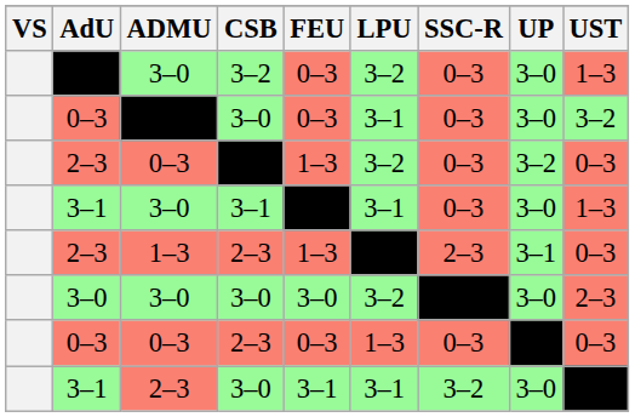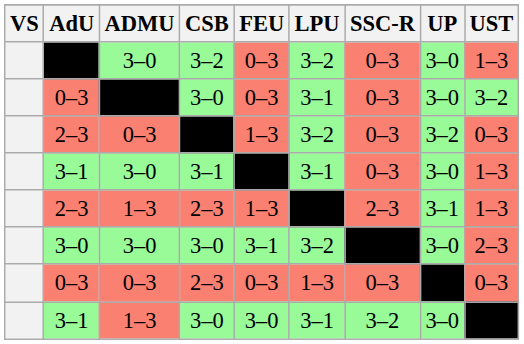 <table class="wikitable" style="text-align:center; font-size:95%;">
 <tr>
 </tr>
 <tr>
 <th>VS</th>
 <th>AdU</th>
 <th>ADMU</th>
 <th>CSB</th>
 <th>FEU</th>
 <th>LPU</th>
 <th>SSC-R</th>
 <th>UP</th>
 <th>UST</th>
 </tr>
 <tr>
 <th align=right></th>
 <td style="background:black;"></td>
 <td style="background:#98fb98;">3–0</td>
 <td style="background:#98fb98;">3–2</td>
 <td style="background:salmon;">0–3</td>
 <td style="background:#98fb98;">3–2</td>
 <td style="background:salmon;">0–3</td>
 <td style="background:#98fb98;">3–0</td>
 <td style="background:salmon;">1–3</td>
 </tr>
 <tr>
 <th align=right></th>
 <td style="background:salmon;">0–3</td>
 <td style="background:black;"></td>
 <td style="background:#98fb98;">3–0</td>
 <td style="background:salmon;">0–3</td>
 <td style="background:#98fb98;">3–1</td>
 <td style="background:salmon;">0–3</td>
 <td style="background:#98fb98;">3–0</td>
 <td style="background:#98fb98;">3–2</td>
 </tr>
 <tr>
 <th align=right></th>
 <td style="background:salmon;">2–3</td>
 <td style="background:salmon;">0–3</td>
 <td style="background:black;"></td>
 <td style="background:salmon;">1–3</td>
 <td style="background:#98fb98;">3–2</td>
 <td style="background:salmon;">0–3</td>
 <td style="background:#98fb98;">3–2</td>
 <td style="background:salmon;">0–3</td>
 </tr>
 <tr>
 <th align=right></th>
 <td style="background:#98fb98;">3–1</td>
 <td style="background:#98fb98;">3–0</td>
 <td style="background:#98fb98;">3–1</td>
 <td style="background:black;"></td>
 <td style="background:#98fb98;">3–1</td>
 <td style="background:salmon;">0–3</td>
 <td style="background:#98fb98;">3–0</td>
 <td style="background:salmon;">1–3</td>
 </tr>
 <tr>
 <th align=right></th>
 <td style="background:salmon;">2–3</td>
 <td style="background:salmon;">1–3</td>
 <td style="background:salmon;">2–3</td>
 <td style="background:salmon;">1–3</td>
 <td style="background:black;"></td>
 <td style="background:salmon;">2–3</td>
 <td style="background:#98fb98;">3–1</td>
-<td style="background:salmon;">0–3</td>
+<td style="background:salmon;">1–3</td>
 </tr>
 <tr>
 <th align=right></th>
 <td style="background:#98fb98;">3–0</td>
 <td style="background:#98fb98;">3–0</td>
 <td style="background:#98fb98;">3–0</td>
-<td style="background:#98fb98;">3–0</td>
+<td style="background:#98fb98;">3–1</td>
 <td style="background:#98fb98;">3–2</td>
 <td style="background:black;"></td>
 <td style="background:#98fb98;">3–0</td>
 <td style="background:salmon;">2–3</td>
 </tr>
 <tr>
 <th align=right></th>
 <td style="background:salmon;">0–3</td>
 <td style="background:salmon;">0–3</td>
 <td style="background:salmon;">2–3</td>
 <td style="background:salmon;">0–3</td>
 <td style="background:salmon;">1–3</td>
 <td style="background:salmon;">0–3</td>
 <td style="background:black;"></td>
 <td style="background:salmon;">0–3</td>
 </tr>
 <tr>
 <th align=right></th>
 <td style="background:#98fb98;">3–1</td>
-<td style="background:salmon;">2–3</td>
+<td style="background:salmon;">1–3</td>
 <td style="background:#98fb98;">3–0</td>
-<td style="background:#98fb98;">3–1</td>
+<td style="background:#98fb98;">3–0</td>
 <td style="background:#98fb98;">3–1</td>
 <td style="background:#98fb98;">3–2</td>
 <td style="background:#98fb98;">3–0</td>
 <td style="background:black;"></td>
 </tr>
 </table>
